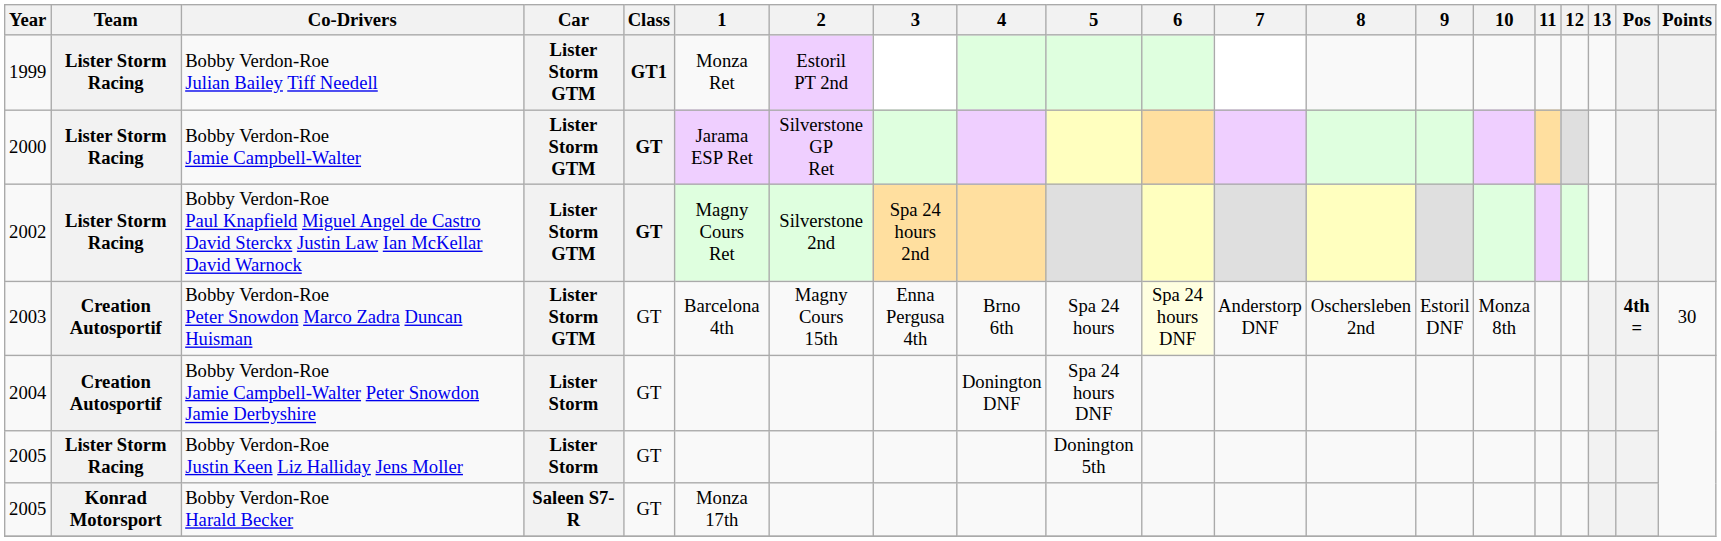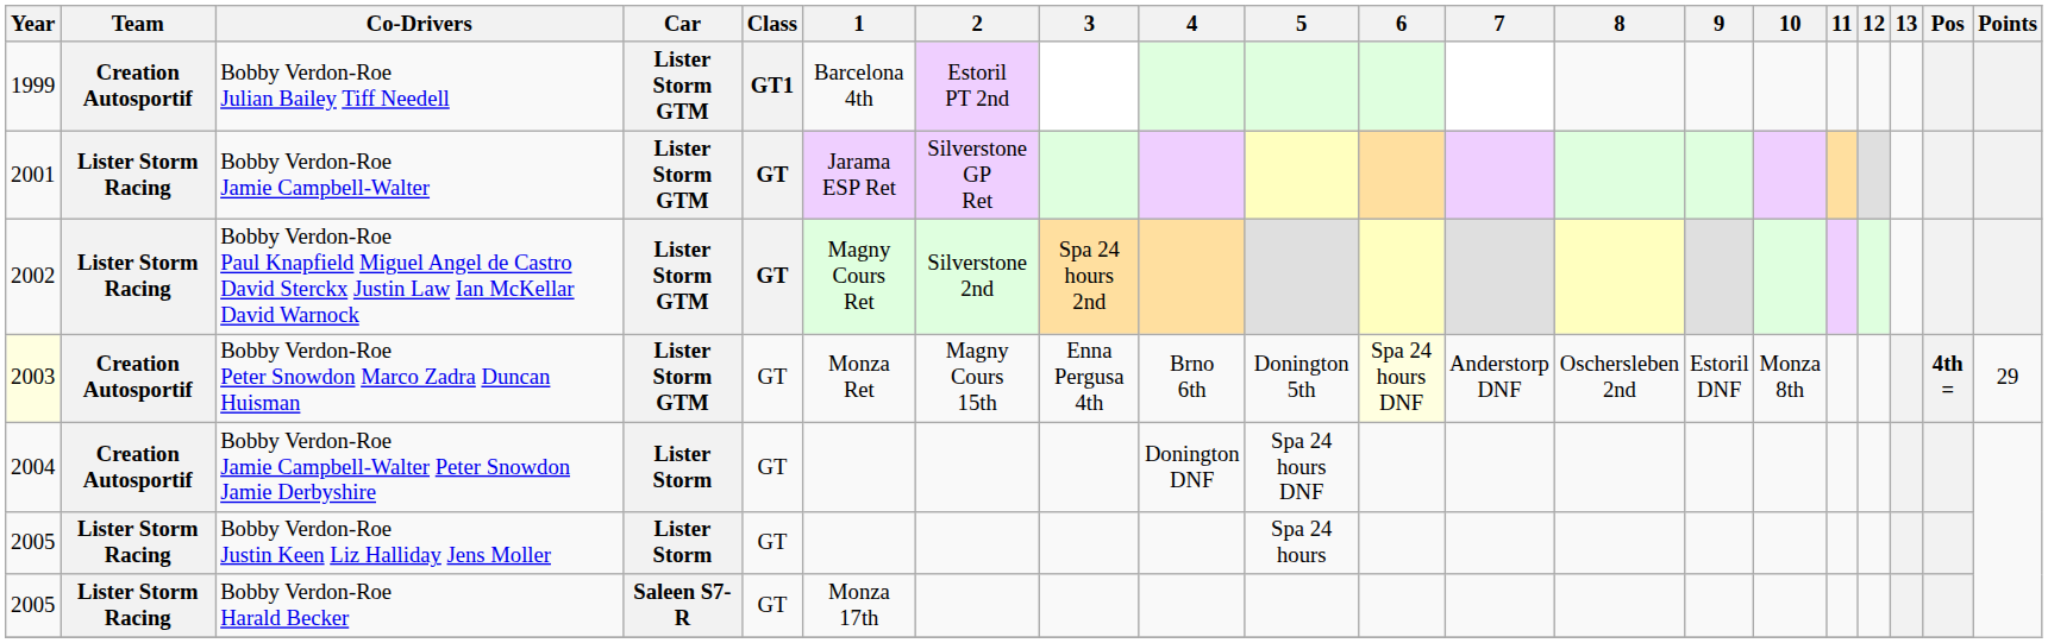 <table class="wikitable" style="text-align:center; font-size:85%">
 <tr>
 <th>Year</th>
 <th>Team</th>
 <th>Co-Drivers</th>
 <th>Car</th>
 <th>Class</th>
 <th>1</th>
 <th>2</th>
 <th>3</th>
 <th>4</th>
 <th>5</th>
 <th>6</th>
 <th>7</th>
 <th>8</th>
 <th>9</th>
 <th>10</th>
 <th>11</th>
 <th>12</th>
 <th>13</th>
 <th>Pos</th>
 <th>Points</th>
 </tr>
 <tr>
 <td>1999</td>
-<th>Lister Storm Racing</th>
+<th>Creation Autosportif</th>
 <td align=left> Bobby Verdon-Roe<br> <a href='#'>Julian Bailey</a>  <a href='#'>Tiff Needell</a></td>
 <th>Lister Storm GTM</th>
 <th>GT1</th>
-<td>Monza<br>Ret</td>
+<td>Barcelona<br>4th</td>
 <td style="background:#EFCFFF;">Estoril<br>PT 2nd</td>
 <td style="background:#FFFFFF;"></td>
 <td style="background:#DFFFDF;"></td>
 <td style="background:#DFFFDF;"></td>
 <td style="background:#DFFFDF;"></td>
 <td style="background:#FFFFFF;"></td>
 <td></td>
 <td></td>
 <td></td>
 <td></td>
 <td></td>
 <td></td>
 <th></th>
 <th></th>
 </tr>
 <tr>
-<td>2000</td>
+<td>2001</td>
 <th>Lister Storm Racing</th>
 <td align=left> Bobby Verdon-Roe<br> <a href='#'>Jamie Campbell-Walter</a></td>
 <th>Lister Storm GTM</th>
 <th>GT</th>
 <td style="background:#EFCFFF;">Jarama<br>ESP Ret</td>
 <td style="background:#EFCFFF;">Silverstone GP<br>Ret</td>
 <td style="background:#DFFFDF;"></td>
 <td style="background:#EFCFFF;"></td>
 <td style="background:#FFFFBF;"></td>
 <td style="background:#FFDF9F;"></td>
 <td style="background:#EFCFFF;"></td>
 <td style="background:#DFFFDF;"></td>
 <td style="background:#DFFFDF;"></td>
 <td style="background:#EFCFFF;"></td>
 <td style="background:#FFDF9F;"></td>
 <td style="background:#DFDFDF;"></td>
 <td></td>
 <th></th>
 <th></th>
 </tr>
 <tr>
 <td>2002</td>
 <th>Lister Storm Racing</th>
 <td align=left> Bobby Verdon-Roe<br> <a href='#'>Paul Knapfield</a>  <a href='#'>Miguel Angel de Castro</a>  <a href='#'>David Sterckx</a>  <a href='#'>Justin Law</a>  <a href='#'>Ian McKellar</a>  <a href='#'>David Warnock</a></td>
 <th>Lister Storm GTM</th>
 <th>GT</th>
 <td style="background:#DFFFDF;">Magny Cours<br>Ret</td>
 <td style="background:#DFFFDF;">Silverstone<br>2nd</td>
 <td style="background:#FFDF9F;">Spa 24 hours<br>2nd</td>
 <td style="background:#FFDF9F;"></td>
 <td style="background:#DFDFDF;"></td>
 <td style="background:#FFFFBF;"></td>
 <td style="background:#DFDFDF;"></td>
 <td style="background:#FFFFBF;"></td>
 <td style="background:#DFDFDF;"></td>
 <td style="background:#DFFFDF;"></td>
 <td style="background:#EFCFFF;"></td>
 <td style="background:#DFFFDF;"></td>
 <td></td>
 <th></th>
 <th></th>
 </tr>
 <tr>
-<td>2003</td>
+<td style="background: lightyellow;">2003</td>
 <th>Creation Autosportif</th>
 <td align=left> Bobby Verdon-Roe<br> <a href='#'>Peter Snowdon</a>  <a href='#'>Marco Zadra</a>  <a href='#'>Duncan Huisman</a></td>
 <th>Lister Storm GTM</th>
 <td>GT</td>
-<td>Barcelona<br>4th</td>
+<td>Monza<br>Ret</td>
 <td>Magny Cours<br>15th</td>
 <td>Enna Pergusa<br>4th</td>
 <td>Brno<br>6th</td>
-<td>Spa 24 hours</td>
+<td>Donington<br>5th</td>
 <td style="background: lightyellow;">Spa 24 hours<br>DNF</td>
 <td>Anderstorp<br>DNF</td>
 <td>Oschersleben<br>2nd</td>
 <td>Estoril<br>DNF</td>
 <td>Monza<br>8th</td>
 <td></td>
 <td></td>
 <th></th>
 <th>4th =</th>
-<td>30</td>
+<td>29</td>
 </tr>
 <tr>
 <td>2004</td>
 <th>Creation Autosportif</th>
 <td align=left> Bobby Verdon-Roe<br> <a href='#'>Jamie Campbell-Walter</a>  <a href='#'>Peter Snowdon</a>  <a href='#'>Jamie Derbyshire</a></td>
 <th>Lister Storm</th>
 <td>GT</td>
 <td></td>
 <td></td>
 <td></td>
 <td>Donington<br>DNF</td>
 <td>Spa 24 hours<br>DNF</td>
 <td></td>
 <td></td>
 <td></td>
 <td></td>
 <td></td>
 <td></td>
 <td></td>
 <th></th>
 <th></th>
 </tr>
 <tr>
 <td>2005</td>
 <th>Lister Storm Racing</th>
 <td align=left> Bobby Verdon-Roe<br> <a href='#'>Justin Keen</a>  <a href='#'>Liz Halliday</a>  <a href='#'>Jens Moller</a></td>
 <th>Lister Storm</th>
 <td>GT</td>
 <td></td>
 <td></td>
 <td></td>
 <td></td>
-<td>Donington<br>5th</td>
+<td>Spa 24 hours</td>
 <td></td>
 <td></td>
 <td></td>
 <td></td>
 <td></td>
 <td></td>
 <td></td>
 <th></th>
 <th></th>
 </tr>
 <tr>
 <td>2005</td>
-<th>Konrad Motorsport</th>
+<th>Lister Storm Racing</th>
 <td align=left> Bobby Verdon-Roe<br> <a href='#'>Harald Becker</a></td>
 <th>Saleen S7-R</th>
 <td>GT</td>
 <td>Monza<br>17th</td>
 <td></td>
 <td></td>
 <td></td>
 <td></td>
 <td></td>
 <td></td>
 <td></td>
 <td></td>
 <td></td>
 <td></td>
 <td></td>
 <th></th>
 <th></th>
 </tr>
 <tr>
 </tr>
 </table>
